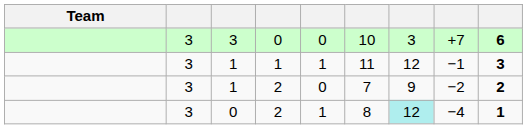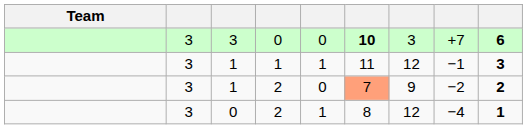 <table class="wikitable" style="text-align:center;">
 <tr>
 <th width=165>Team</th>
 <th width=40></th>
 <th width=40></th>
 <th width=40></th>
 <th width=40></th>
 <th width=40></th>
 <th width=40></th>
 <th width=40></th>
 <th width=40></th>
 </tr>
 <tr bgcolor="ccffcc">
 <td style="text-align:left;"></td>
 <td>3</td>
 <td>3</td>
 <td>0</td>
 <td>0</td>
-<td>10</td>
+<td><strong>10</strong></td>
 <td>3</td>
 <td>+7</td>
 <td><strong>6</strong></td>
 </tr>
 <tr>
 <td style="text-align:left;"></td>
 <td>3</td>
 <td>1</td>
 <td>1</td>
 <td>1</td>
 <td>11</td>
 <td>12</td>
 <td>−1</td>
 <td><strong>3</strong></td>
 </tr>
 <tr>
 <td style="text-align:left;"></td>
 <td>3</td>
 <td>1</td>
 <td>2</td>
 <td>0</td>
-<td>7</td>
+<td style="background: lightsalmon;">7</td>
 <td>9</td>
 <td>−2</td>
 <td><strong>2</strong></td>
 </tr>
 <tr>
 <td style="text-align:left;"></td>
 <td>3</td>
 <td>0</td>
 <td>2</td>
 <td>1</td>
 <td>8</td>
-<td style="background: paleturquoise;">12</td>
+<td>12</td>
 <td>−4</td>
 <td><strong>1</strong></td>
 </tr>
 </table>
